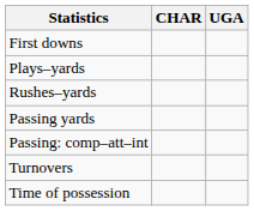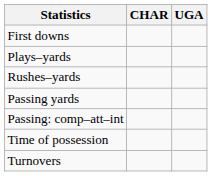 <table class="wikitable" style="float:left">
 <tr>
 <th>Statistics</th>
 <th>CHAR</th>
 <th>UGA</th>
 </tr>
 <tr>
 <td>First downs</td>
 <td></td>
 <td></td>
 </tr>
 <tr>
 <td>Plays–yards</td>
 <td></td>
 <td></td>
 </tr>
 <tr>
 <td>Rushes–yards</td>
 <td></td>
 <td></td>
 </tr>
 <tr>
 <td>Passing yards</td>
 <td></td>
 <td></td>
 </tr>
 <tr>
 <td>Passing: comp–att–int</td>
 <td></td>
 <td></td>
 </tr>
 <tr>
+<td>Time of possession</td>
+<td></td>
+<td></td>
+</tr>
+<tr>
 <td>Turnovers</td>
 <td></td>
 <td></td>
 </tr>
-<tr>
-<td>Time of possession</td>
-<td></td>
-<td></td>
-</tr>
 </table>
